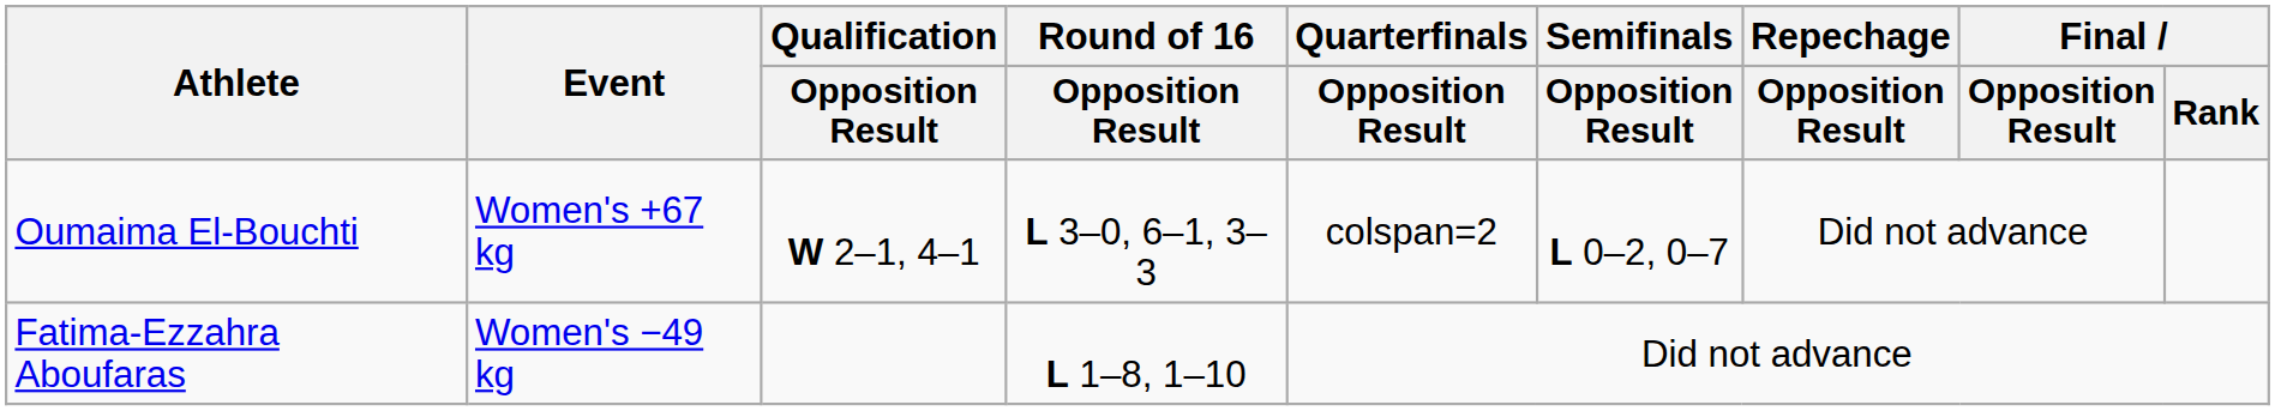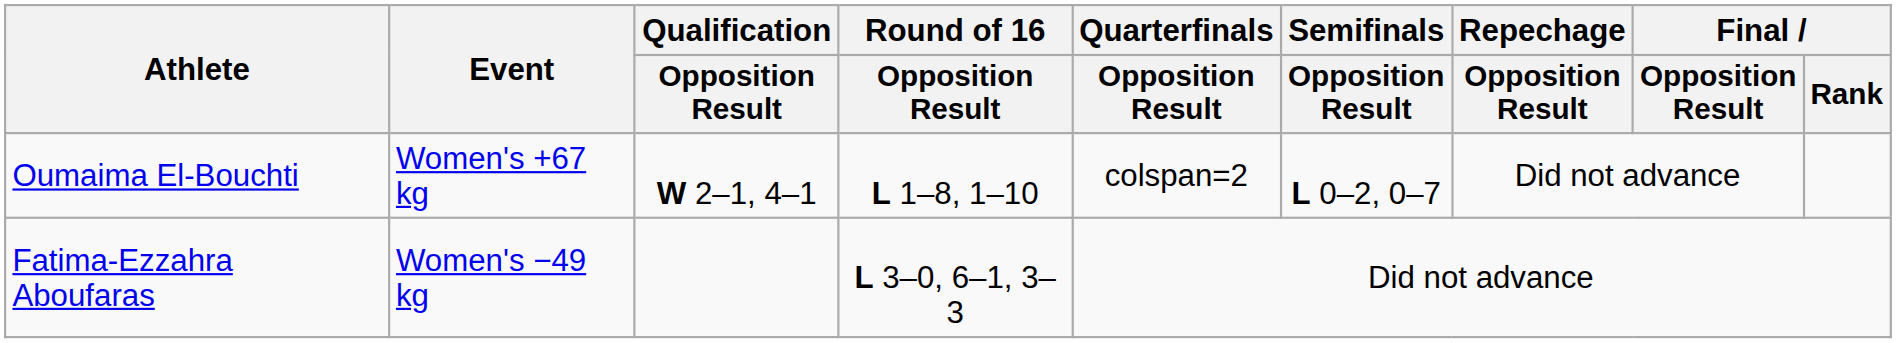 <table class=wikitable style=font-size:90%;text-align:center>
 <tr>
 <th rowspan=2>Athlete</th>
 <th rowspan=2>Event</th>
 <th>Qualification</th>
 <th>Round of 16</th>
 <th>Quarterfinals</th>
 <th>Semifinals</th>
 <th>Repechage</th>
 <th colspan=2>Final / </th>
 </tr>
 <tr style=font-size:95%>
 <th>Opposition<br>Result</th>
 <th>Opposition<br>Result</th>
 <th>Opposition<br>Result</th>
 <th>Opposition<br>Result</th>
 <th>Opposition<br>Result</th>
 <th>Opposition<br>Result</th>
 <th>Rank</th>
 </tr>
 <tr align=center>
 <td align=left><a href='#'>Oumaima El-Bouchti</a></td>
 <td align=left><a href='#'>Women's +67 kg</a></td>
 <td><br> <strong>W</strong> 2–1, 4–1</td>
-<td><br><strong>L</strong> 3–0, 6–1, 3–3</td>
+<td><br><strong>L</strong> 1–8, 1–10</td>
 <td>colspan=2 </td>
 <td><br><strong>L</strong> 0–2, 0–7</td>
 <td colspan=2>Did not advance</td>
 </tr>
 <tr align=center>
 <td align=left><a href='#'>Fatima-Ezzahra Aboufaras</a></td>
 <td align=left><a href='#'>Women's −49 kg</a></td>
 <td></td>
-<td><br><strong>L</strong> 1–8, 1–10</td>
+<td><br><strong>L</strong> 3–0, 6–1, 3–3</td>
 <td colspan="5">Did not advance</td>
 </tr>
 </table>
